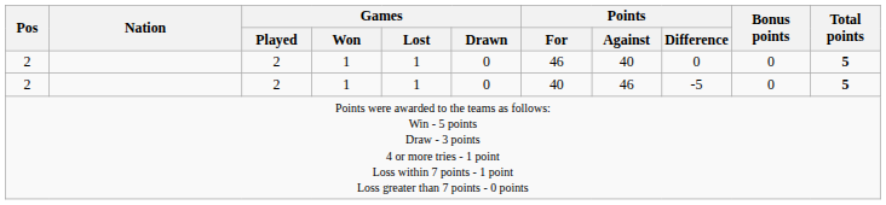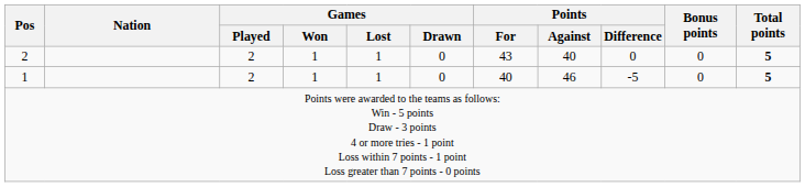 <table class="wikitable" style="text-align:center">
 <tr>
 <th rowspan="2" style="width:5%;">Pos</th>
 <th rowspan="2" style="width:22%;">Nation</th>
 <th colspan="4" style="width:32%;">Games</th>
 <th colspan="3" style="width:32%;">Points</th>
 <th rowspan="2" style="width:9%;">Bonus<br>points</th>
 <th rowspan="2" style="width:9%;">Total<br>points</th>
 </tr>
 <tr>
 <th style="width:8%;">Played</th>
 <th style="width:8%;">Won</th>
 <th style="width:8%;">Lost</th>
 <th style="width:8%;">Drawn</th>
 <th style="width:8%;">For</th>
 <th style="width:8%;">Against</th>
 <th style="width:8%;">Difference</th>
 </tr>
 <tr>
 <td>2</td>
 <td align="left"></td>
 <td>2</td>
 <td>1</td>
 <td>1</td>
 <td>0</td>
-<td>46</td>
+<td>43</td>
 <td>40</td>
 <td>0</td>
 <td>0</td>
 <td><strong>5</strong></td>
 </tr>
 <tr>
-<td>2</td>
+<td>1</td>
 <td align="left"></td>
 <td>2</td>
 <td>1</td>
 <td>1</td>
 <td>0</td>
 <td>40</td>
 <td>46</td>
 <td>-5</td>
 <td>0</td>
 <td><strong>5</strong></td>
 </tr>
 <tr>
 <td colspan="100%" style="text-align:center;"><small>Points were awarded to the teams as follows:<br>Win - 5 points<br>Draw - 3 points<br> 4 or more tries - 1 point<br> Loss within 7 points - 1 point<br>Loss greater than 7 points - 0 points</small></td>
 </tr>
 </table>
